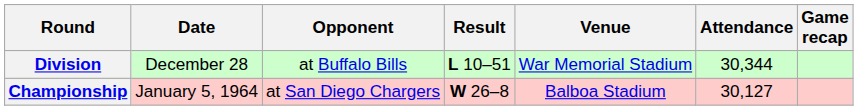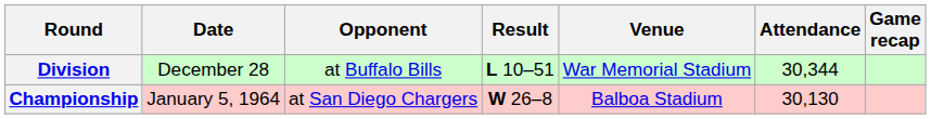 <table class="wikitable" style="text-align:center">
 <tr>
 <th>Round</th>
 <th>Date</th>
 <th>Opponent</th>
 <th>Result</th>
 <th>Venue</th>
 <th>Attendance</th>
 <th>Game<br>recap</th>
 </tr>
 <tr style="background:#cfc">
 <th align=center><a href='#'>Division</a></th>
 <td>December 28</td>
 <td>at <a href='#'>Buffalo Bills</a></td>
 <td><strong>L</strong> 10–51</td>
 <td><a href='#'>War Memorial Stadium</a></td>
 <td>30,344</td>
 <td></td>
 </tr>
 <tr style="background:#fcc">
 <th><a href='#'>Championship</a></th>
 <td>January 5, 1964</td>
 <td>at <a href='#'>San Diego Chargers</a></td>
 <td><strong>W</strong> 26–8</td>
 <td><a href='#'>Balboa Stadium</a></td>
-<td>30,127</td>
+<td>30,130</td>
 <td></td>
 </tr>
 </table>
